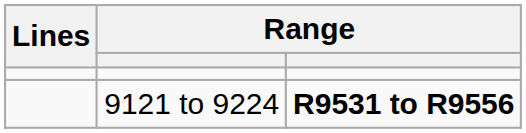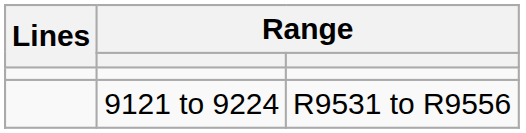 <table class="wikitable" style="font-size: 90%;">
 <tr>
 <th rowspan=2>Lines</th>
 <th colspan=2>Range</th>
 </tr>
 <tr>
 <th></th>
 <th></th>
 </tr>
 <tr>
 <td></td>
 <td></td>
 <td></td>
 </tr>
 <tr>
 <td></td>
 <td>9121 to 9224</td>
-<td><strong>R9531 to R9556</strong></td>
+<td>R9531 to R9556</td>
 </tr>
 </table>
